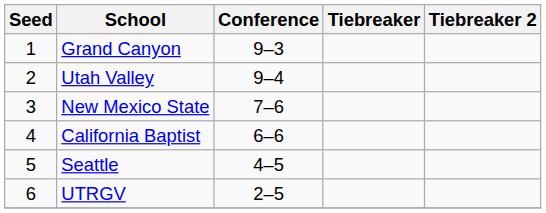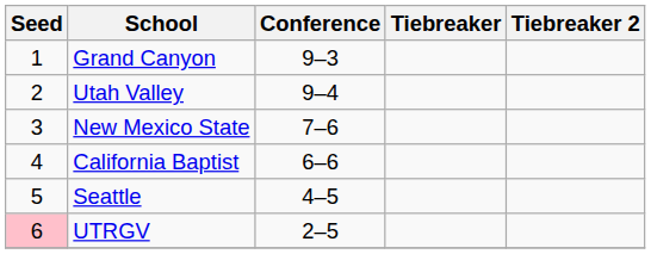 <table class="wikitable" style="white-space:nowrap; font-size:95%;text-align:center">
 <tr>
 <th>Seed</th>
 <th>School</th>
 <th>Conference</th>
 <th>Tiebreaker</th>
 <th>Tiebreaker 2</th>
 </tr>
 <tr>
 <td>1</td>
 <td align=left><a href='#'>Grand Canyon</a></td>
 <td>9–3</td>
 <td></td>
 <td></td>
 </tr>
 <tr>
 <td>2</td>
 <td align=left><a href='#'>Utah Valley</a></td>
 <td>9–4</td>
 <td></td>
 <td></td>
 </tr>
 <tr>
 <td>3</td>
 <td align=left><a href='#'>New Mexico State</a></td>
 <td>7–6</td>
 <td></td>
 <td></td>
 </tr>
 <tr>
 <td>4</td>
 <td align=left><a href='#'>California Baptist</a></td>
 <td>6–6</td>
 <td></td>
 <td></td>
 </tr>
 <tr>
 <td>5</td>
 <td align=left><a href='#'>Seattle</a></td>
 <td>4–5</td>
 <td></td>
 <td></td>
 </tr>
 <tr>
-<td>6</td>
+<td style="background: pink;">6</td>
 <td align=left><a href='#'>UTRGV</a></td>
 <td>2–5</td>
 <td></td>
 <td></td>
 </tr>
 <tr>
 </tr>
 </table>
